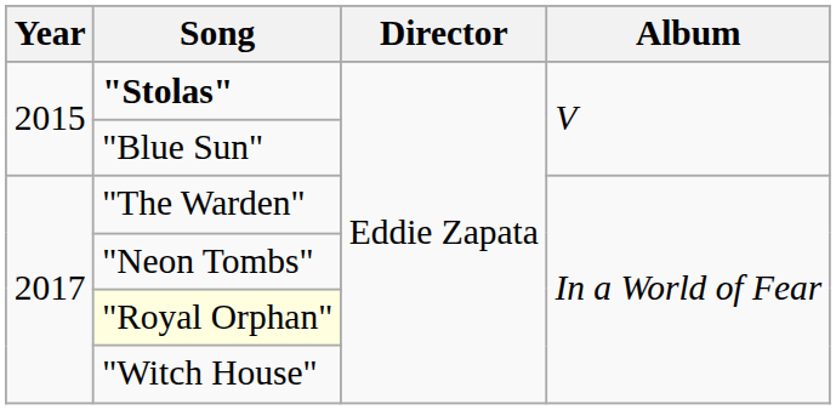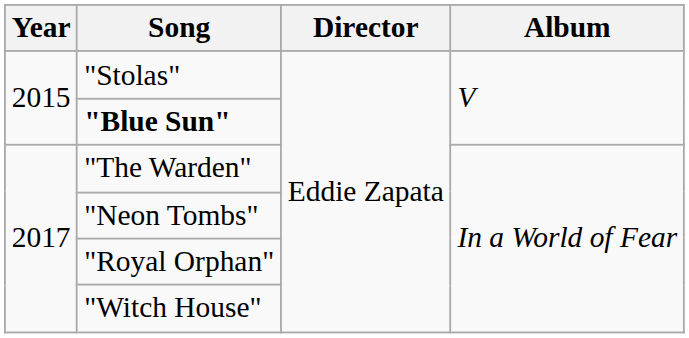 <table class="wikitable">
 <tr>
 <th>Year</th>
 <th>Song</th>
 <th>Director</th>
 <th>Album</th>
 </tr>
 <tr>
 <td rowspan="2">2015</td>
-<td><strong>"Stolas"</strong></td>
+<td>"Stolas"</td>
 <td rowspan="6">Eddie Zapata</td>
 <td rowspan="2"><em>V</em></td>
 </tr>
 <tr>
-<td>"Blue Sun"</td>
+<td><strong>"Blue Sun"</strong></td>
 </tr>
 <tr>
 <td rowspan="4">2017</td>
 <td>"The Warden"</td>
 <td rowspan="4"><em>In a World of Fear</em></td>
 </tr>
 <tr>
 <td>"Neon Tombs"</td>
 </tr>
 <tr>
-<td style="background: lightyellow;">"Royal Orphan"</td>
+<td>"Royal Orphan"</td>
 </tr>
 <tr>
 <td>"Witch House"</td>
 </tr>
 </table>
